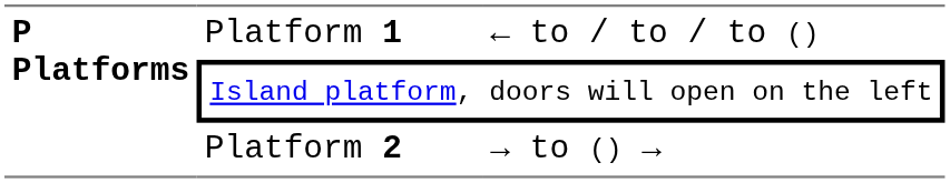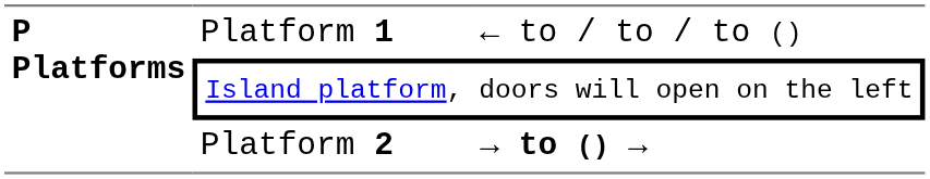 <table table border=0 cellspacing=0 cellpadding=3>
 <tr>
 <td style="border-bottom:solid 1px gray;border-top:solid 1px gray;" rowspan=3 valign=top><strong>P<br>Platforms</strong></td>
 <td style="border-top:solid 1px gray;">Platform <strong>1</strong></td>
 <td style="border-top:solid 1px gray;">←  to  /  to  /  to  <small>()</small></td>
 </tr>
 <tr>
 <td style="border-bottom:solid 2px black;border-top:solid 2px black;border-right:solid 2px black;border-left:solid 2px black;text-align:center;" colspan=2><small><a href='#'>Island platform</a>, doors will open on the left</small></td>
 </tr>
 <tr>
 <td style="border-bottom:solid 1px gray;">Platform <strong>2</strong></td>
-<td style="border-bottom:solid 1px gray;"><span>→</span>    to  <small>()</small> →</td>
+<td style="border-bottom:solid 1px gray;"><strong><span>→</span>    to  <small>()</small> →</strong></td>
 </tr>
 </table>
